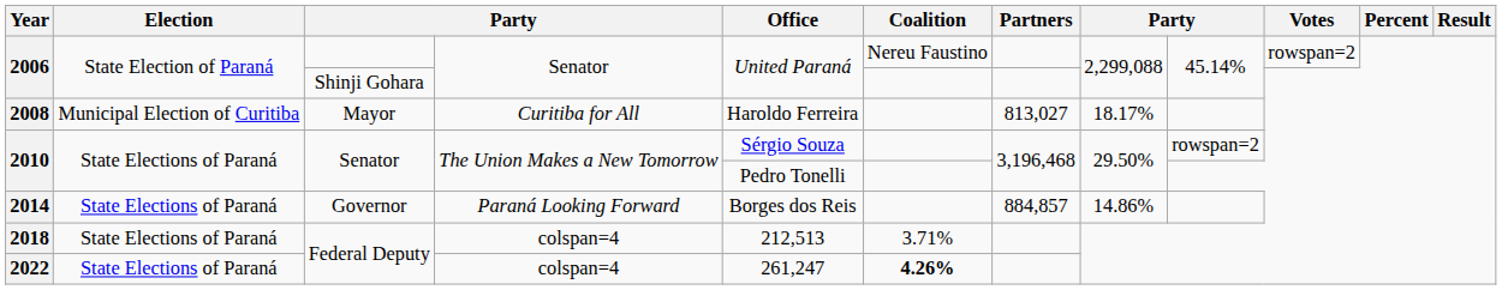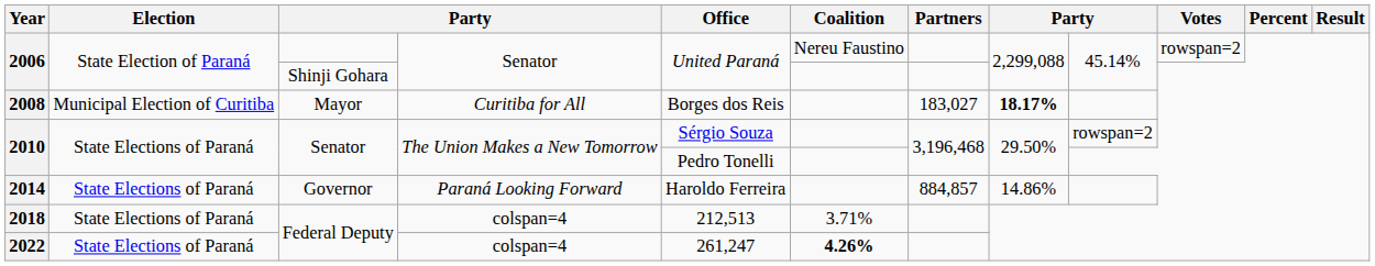 <table class="wikitable" style="text-align:center">
 <tr>
 <th>Year</th>
 <th>Election</th>
 <th colspan="2">Party</th>
 <th>Office</th>
 <th>Coalition</th>
 <th>Partners</th>
 <th colspan="2">Party</th>
 <th>Votes</th>
 <th>Percent</th>
 <th>Result</th>
 </tr>
 <tr>
 <th rowspan=2>2006</th>
 <td rowspan=2>State Election of <a href='#'>Paraná</a></td>
 <td></td>
 <td rowspan=2>Senator</td>
 <td rowspan=2><em>United Paraná</em><br></td>
 <td>Nereu Faustino</td>
 <td></td>
 <td rowspan=2>2,299,088</td>
 <td rowspan=2>45.14%</td>
 <td>rowspan=2 </td>
 </tr>
 <tr>
 <td>Shinji Gohara</td>
 <td></td>
 </tr>
 <tr>
 <th>2008</th>
 <td>Municipal Election of <a href='#'>Curitiba</a></td>
 <td>Mayor</td>
 <td><em>Curitiba for All</em><br></td>
-<td>Haroldo Ferreira</td>
+<td>Borges dos Reis</td>
 <td></td>
-<td>813,027</td>
-<td>18.17%</td>
+<td>183,027</td>
+<td><strong>18.17%</strong></td>
 <td></td>
 </tr>
 <tr>
 <th rowspan=2>2010</th>
 <td rowspan=2>State Elections of Paraná</td>
 <td rowspan=2>Senator</td>
 <td rowspan=2><em>The Union Makes a New Tomorrow</em><br></td>
 <td><a href='#'>Sérgio Souza</a></td>
 <td></td>
 <td rowspan=2>3,196,468</td>
 <td rowspan=2>29.50%</td>
 <td>rowspan=2 </td>
 </tr>
 <tr>
 <td>Pedro Tonelli</td>
 <td></td>
 </tr>
 <tr>
 <th>2014</th>
 <td><a href='#'>State Elections</a> of Paraná</td>
 <td>Governor</td>
 <td><em>Paraná Looking Forward</em><br></td>
-<td>Borges dos Reis</td>
+<td>Haroldo Ferreira</td>
 <td></td>
 <td>884,857</td>
 <td>14.86%</td>
 <td></td>
 </tr>
 <tr>
 <th>2018</th>
 <td>State Elections of Paraná</td>
 <td rowspan=2>Federal Deputy</td>
 <td>colspan=4 </td>
 <td>212,513</td>
 <td>3.71%</td>
 <td></td>
 </tr>
 <tr>
 <th>2022</th>
 <td><a href='#'>State Elections</a> of Paraná</td>
 <td>colspan=4 </td>
 <td>261,247</td>
 <td><strong>4.26%</strong></td>
 <td></td>
 </tr>
 </table>
